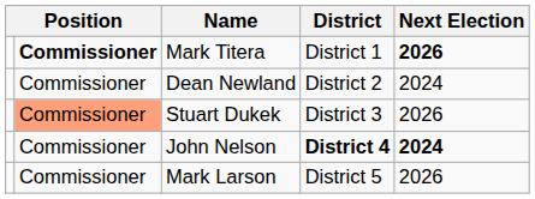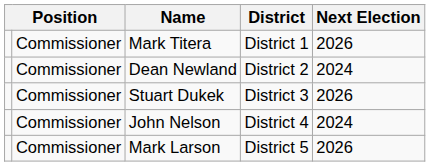 <table class="wikitable">
 <tr>
 <th colspan="2">Position</th>
 <th>Name</th>
 <th>District</th>
 <th>Next Election</th>
 </tr>
 <tr>
 <td></td>
-<td><strong>Commissioner</strong></td>
+<td>Commissioner</td>
 <td>Mark Titera</td>
 <td>District 1</td>
-<td><strong>2026</strong></td>
+<td>2026</td>
 </tr>
 <tr>
 <td></td>
 <td>Commissioner</td>
 <td>Dean Newland</td>
 <td>District 2</td>
 <td>2024</td>
 </tr>
 <tr>
 <td></td>
-<td style="background: lightsalmon;">Commissioner</td>
+<td>Commissioner</td>
 <td>Stuart Dukek</td>
 <td>District 3</td>
 <td>2026</td>
 </tr>
 <tr>
 <td></td>
 <td>Commissioner</td>
 <td>John Nelson</td>
-<td><strong>District 4</strong></td>
-<td><strong>2024</strong></td>
+<td>District 4</td>
+<td>2024</td>
 </tr>
 <tr>
 <td></td>
 <td>Commissioner</td>
 <td>Mark Larson</td>
 <td>District 5</td>
 <td>2026</td>
 </tr>
 </table>
